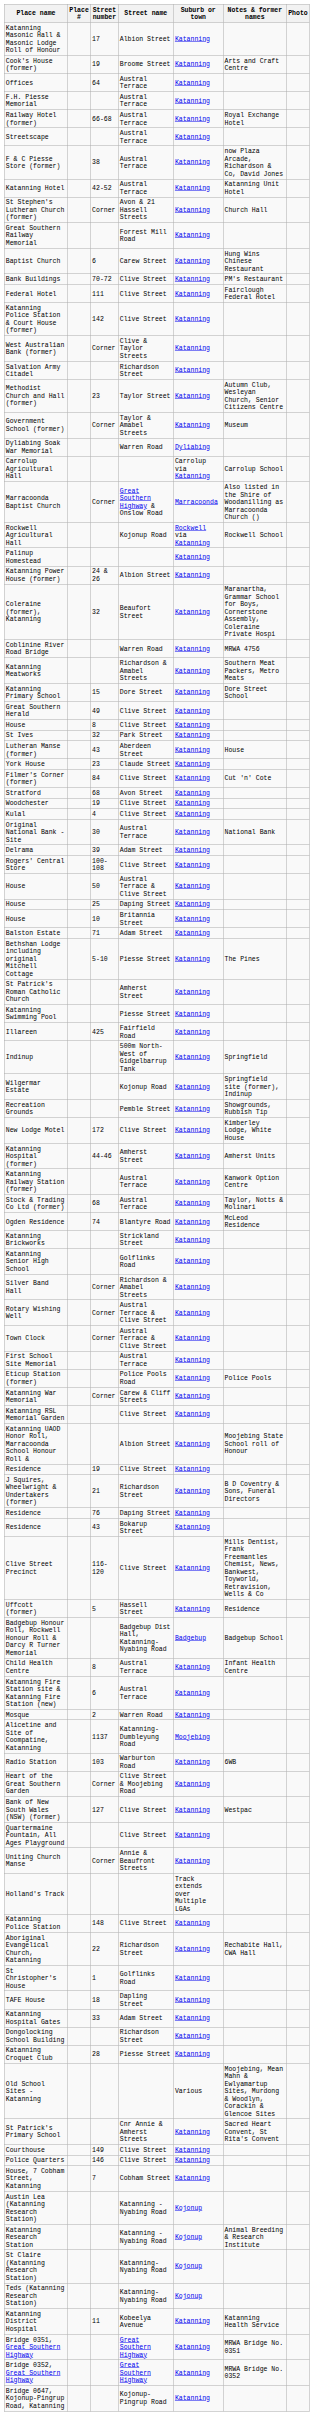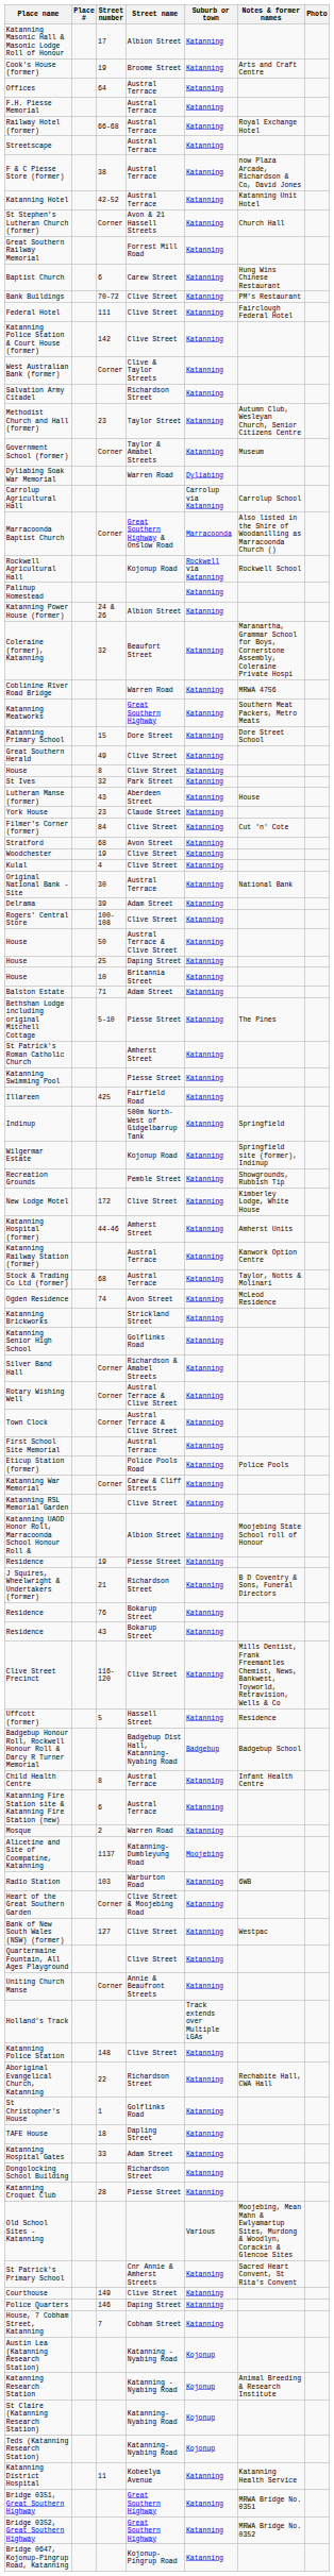 <table class="wikitable sortable">
 <tr>
 <th>Place name</th>
 <th>Place #</th>
 <th>Street number</th>
 <th>Street name</th>
 <th>Suburb or town</th>
 <th class="unsortable">Notes & former names</th>
 <th class="unsortable">Photo</th>
 </tr>
 <tr>
 <td>Katanning Masonic Hall & Masonic Lodge Roll of Honour</td>
 <td></td>
 <td>17</td>
 <td>Albion Street</td>
 <td><a href='#'>Katanning</a></td>
 <td></td>
 <td></td>
 </tr>
 <tr>
 <td>Cook's House (former)</td>
 <td></td>
 <td>19</td>
 <td>Broome Street</td>
 <td><a href='#'>Katanning</a></td>
 <td>Arts and Craft Centre</td>
 <td></td>
 </tr>
 <tr>
 <td>Offices</td>
 <td></td>
 <td>64</td>
 <td>Austral Terrace</td>
 <td><a href='#'>Katanning</a></td>
 <td></td>
 <td></td>
 </tr>
 <tr>
 <td>F.H. Piesse Memorial</td>
 <td></td>
 <td></td>
 <td>Austral Terrace</td>
 <td><a href='#'>Katanning</a></td>
 <td></td>
 <td></td>
 </tr>
 <tr>
 <td>Railway Hotel (former)</td>
 <td></td>
 <td>66-68</td>
 <td>Austral Terrace</td>
 <td><a href='#'>Katanning</a></td>
 <td>Royal Exchange Hotel</td>
 <td></td>
 </tr>
 <tr>
 <td>Streetscape</td>
 <td></td>
 <td></td>
 <td>Austral Terrace</td>
 <td><a href='#'>Katanning</a></td>
 <td></td>
 <td></td>
 </tr>
 <tr>
 <td>F & C Piesse Store (former)</td>
 <td></td>
 <td>38</td>
 <td>Austral Terrace</td>
 <td><a href='#'>Katanning</a></td>
 <td>now Plaza Arcade, Richardson & Co, David Jones</td>
 <td></td>
 </tr>
 <tr>
 <td>Katanning Hotel</td>
 <td></td>
 <td>42-52</td>
 <td>Austral Terrace</td>
 <td><a href='#'>Katanning</a></td>
 <td>Katanning Unit Hotel</td>
 <td></td>
 </tr>
 <tr>
 <td>St Stephen's Lutheran Church (former)</td>
 <td></td>
 <td>Corner</td>
 <td>Avon & 21 Hassell Streets</td>
 <td><a href='#'>Katanning</a></td>
 <td>Church Hall</td>
 <td></td>
 </tr>
 <tr>
 <td>Great Southern Railway Memorial</td>
 <td></td>
 <td></td>
 <td>Forrest Mill Road</td>
 <td><a href='#'>Katanning</a></td>
 <td></td>
 <td></td>
 </tr>
 <tr>
 <td>Baptist Church</td>
 <td></td>
 <td>6</td>
 <td>Carew Street</td>
 <td><a href='#'>Katanning</a></td>
 <td>Hung Wins Chinese Restaurant</td>
 <td></td>
 </tr>
 <tr>
 <td>Bank Buildings</td>
 <td></td>
 <td>70-72</td>
 <td>Clive Street</td>
 <td><a href='#'>Katanning</a></td>
 <td>PM's Restaurant</td>
 <td></td>
 </tr>
 <tr>
 <td>Federal Hotel</td>
 <td></td>
 <td>111</td>
 <td>Clive Street</td>
 <td><a href='#'>Katanning</a></td>
 <td>Fairclough Federal Hotel</td>
 <td></td>
 </tr>
 <tr>
 <td>Katanning Police Station & Court House (former)</td>
 <td></td>
 <td>142</td>
 <td>Clive Street</td>
 <td><a href='#'>Katanning</a></td>
 <td></td>
 <td></td>
 </tr>
 <tr>
 <td>West Australian Bank (former)</td>
 <td></td>
 <td>Corner</td>
 <td>Clive & Taylor Streets</td>
 <td><a href='#'>Katanning</a></td>
 <td></td>
 <td></td>
 </tr>
 <tr>
 <td>Salvation Army Citadel</td>
 <td></td>
 <td></td>
 <td>Richardson Street</td>
 <td><a href='#'>Katanning</a></td>
 <td></td>
 <td></td>
 </tr>
 <tr>
 <td>Methodist Church and Hall (former)</td>
 <td></td>
 <td>23</td>
 <td>Taylor Street</td>
 <td><a href='#'>Katanning</a></td>
 <td>Autumn Club, Wesleyan Church, Senior Citizens Centre</td>
 <td></td>
 </tr>
 <tr>
 <td>Government School (former)</td>
 <td></td>
 <td>Corner</td>
 <td>Taylor & Amabel Streets</td>
 <td><a href='#'>Katanning</a></td>
 <td>Museum</td>
 <td></td>
 </tr>
 <tr>
 <td>Dyliabing Soak War Memorial</td>
 <td></td>
 <td></td>
 <td>Warren Road</td>
 <td><a href='#'>Dyliabing</a></td>
 <td></td>
 <td></td>
 </tr>
 <tr>
 <td>Carrolup Agricultural Hall</td>
 <td></td>
 <td></td>
 <td></td>
 <td>Carrolup via <a href='#'>Katanning</a></td>
 <td>Carrolup School</td>
 <td></td>
 </tr>
 <tr>
 <td>Marracoonda Baptist Church</td>
 <td></td>
 <td>Corner</td>
 <td><a href='#'>Great Southern Highway</a> & Onslow Road</td>
 <td><a href='#'>Marracoonda</a></td>
 <td>Also listed in the Shire of Woodanilling as Marracoonda Church ()</td>
 <td></td>
 </tr>
 <tr>
 <td>Rockwell Agricultural Hall</td>
 <td></td>
 <td></td>
 <td>Kojonup Road</td>
 <td><a href='#'>Rockwell</a> via <a href='#'>Katanning</a></td>
 <td>Rockwell School</td>
 <td></td>
 </tr>
 <tr>
 <td>Palinup Homestead</td>
 <td></td>
 <td></td>
 <td></td>
 <td><a href='#'>Katanning</a></td>
 <td></td>
 <td></td>
 </tr>
 <tr>
 <td>Katanning Power House (former)</td>
 <td></td>
 <td>24 & 26</td>
 <td>Albion Street</td>
 <td><a href='#'>Katanning</a></td>
 <td></td>
 <td></td>
 </tr>
 <tr>
 <td>Coleraine (former), Katanning</td>
 <td></td>
 <td>32</td>
 <td>Beaufort Street</td>
 <td><a href='#'>Katanning</a></td>
 <td>Maranartha, Grammar School for Boys, Cornerstone Assembly, Coleraine Private Hospi</td>
 <td></td>
 </tr>
 <tr>
 <td>Coblinine River Road Bridge</td>
 <td></td>
 <td></td>
 <td>Warren Road</td>
 <td><a href='#'>Katanning</a></td>
 <td>MRWA 4756</td>
 <td></td>
 </tr>
 <tr>
 <td>Katanning Meatworks</td>
 <td></td>
 <td></td>
-<td>Richardson & Amabel Streets</td>
+<td><a href='#'>Great Southern Highway</a></td>
 <td><a href='#'>Katanning</a></td>
 <td>Southern Meat Packers, Metro Meats</td>
 <td></td>
 </tr>
 <tr>
 <td>Katanning Primary School</td>
 <td></td>
 <td>15</td>
 <td>Dore Street</td>
 <td><a href='#'>Katanning</a></td>
 <td>Dore Street School</td>
 <td></td>
 </tr>
 <tr>
 <td>Great Southern Herald</td>
 <td></td>
 <td>49</td>
 <td>Clive Street</td>
 <td><a href='#'>Katanning</a></td>
 <td></td>
 <td></td>
 </tr>
 <tr>
 <td>House</td>
 <td></td>
 <td>8</td>
 <td>Clive Street</td>
 <td><a href='#'>Katanning</a></td>
 <td></td>
 <td></td>
 </tr>
 <tr>
 <td>St Ives</td>
 <td></td>
 <td>32</td>
 <td>Park Street</td>
 <td><a href='#'>Katanning</a></td>
 <td></td>
 <td></td>
 </tr>
 <tr>
 <td>Lutheran Manse (former)</td>
 <td></td>
 <td>43</td>
 <td>Aberdeen Street</td>
 <td><a href='#'>Katanning</a></td>
 <td>House</td>
 <td></td>
 </tr>
 <tr>
 <td>York House</td>
 <td></td>
 <td>23</td>
 <td>Claude Street</td>
 <td><a href='#'>Katanning</a></td>
 <td></td>
 <td></td>
 </tr>
 <tr>
 <td>Filmer's Corner (former)</td>
 <td></td>
 <td>84</td>
 <td>Clive Street</td>
 <td><a href='#'>Katanning</a></td>
 <td>Cut 'n' Cote</td>
 <td></td>
 </tr>
 <tr>
 <td>Stratford</td>
 <td></td>
 <td>68</td>
 <td>Avon Street</td>
 <td><a href='#'>Katanning</a></td>
 <td></td>
 <td></td>
 </tr>
 <tr>
 <td>Woodchester</td>
 <td></td>
 <td>19</td>
 <td>Clive Street</td>
 <td><a href='#'>Katanning</a></td>
 <td></td>
 <td></td>
 </tr>
 <tr>
 <td>Kulal</td>
 <td></td>
 <td>4</td>
 <td>Clive Street</td>
 <td><a href='#'>Katanning</a></td>
 <td></td>
 <td></td>
 </tr>
 <tr>
 <td>Original National Bank - Site</td>
 <td></td>
 <td>30</td>
 <td>Austral Terrace</td>
 <td><a href='#'>Katanning</a></td>
 <td>National Bank</td>
 <td></td>
 </tr>
 <tr>
 <td>Delrama</td>
 <td></td>
 <td>39</td>
 <td>Adam Street</td>
 <td><a href='#'>Katanning</a></td>
 <td></td>
 <td></td>
 </tr>
 <tr>
 <td>Rogers' Central Store</td>
 <td></td>
 <td>100-108</td>
 <td>Clive Street</td>
 <td><a href='#'>Katanning</a></td>
 <td></td>
 <td></td>
 </tr>
 <tr>
 <td>House</td>
 <td></td>
 <td>50</td>
 <td>Austral Terrace & Clive Street</td>
 <td><a href='#'>Katanning</a></td>
 <td></td>
 <td></td>
 </tr>
 <tr>
 <td>House</td>
 <td></td>
 <td>25</td>
 <td>Daping Street</td>
 <td><a href='#'>Katanning</a></td>
 <td></td>
 <td></td>
 </tr>
 <tr>
 <td>House</td>
 <td></td>
 <td>10</td>
 <td>Britannia Street</td>
 <td><a href='#'>Katanning</a></td>
 <td></td>
 <td></td>
 </tr>
 <tr>
 <td>Balston Estate</td>
 <td></td>
 <td>71</td>
 <td>Adam Street</td>
 <td><a href='#'>Katanning</a></td>
 <td></td>
 <td></td>
 </tr>
 <tr>
 <td>Bethshan Lodge including original Mitchell Cottage</td>
 <td></td>
 <td>5-10</td>
 <td>Piesse Street</td>
 <td><a href='#'>Katanning</a></td>
 <td>The Pines</td>
 <td></td>
 </tr>
 <tr>
 <td>St Patrick's Roman Catholic Church</td>
 <td></td>
 <td></td>
 <td>Amherst Street</td>
 <td><a href='#'>Katanning</a></td>
 <td></td>
 <td></td>
 </tr>
 <tr>
 <td>Katanning Swimming Pool</td>
 <td></td>
 <td></td>
 <td>Piesse Street</td>
 <td><a href='#'>Katanning</a></td>
 <td></td>
 <td></td>
 </tr>
 <tr>
 <td>Illareen</td>
 <td></td>
 <td>425</td>
 <td>Fairfield Road</td>
 <td><a href='#'>Katanning</a></td>
 <td></td>
 <td></td>
 </tr>
 <tr>
 <td>Indinup</td>
 <td></td>
 <td></td>
 <td>500m North-West of Gidgelbarrup Tank</td>
 <td><a href='#'>Katanning</a></td>
 <td>Springfield</td>
 <td></td>
 </tr>
 <tr>
 <td>Wilgermar Estate</td>
 <td></td>
 <td></td>
 <td>Kojonup Road</td>
 <td><a href='#'>Katanning</a></td>
 <td>Springfield site (former), Indinup</td>
 <td></td>
 </tr>
 <tr>
 <td>Recreation Grounds</td>
 <td></td>
 <td></td>
 <td>Pemble Street</td>
 <td><a href='#'>Katanning</a></td>
 <td>Showgrounds, Rubbish Tip</td>
 <td></td>
 </tr>
 <tr>
 <td>New Lodge Motel</td>
 <td></td>
 <td>172</td>
 <td>Clive Street</td>
 <td><a href='#'>Katanning</a></td>
 <td>Kimberley Lodge, White House</td>
 <td></td>
 </tr>
 <tr>
 <td>Katanning Hospital (former)</td>
 <td></td>
 <td>44-46</td>
 <td>Amherst Street</td>
 <td><a href='#'>Katanning</a></td>
 <td>Amherst Units</td>
 <td></td>
 </tr>
 <tr>
 <td>Katanning Railway Station (former)</td>
 <td></td>
 <td></td>
 <td>Austral Terrace</td>
 <td><a href='#'>Katanning</a></td>
 <td>Kanwork Option Centre</td>
 <td></td>
 </tr>
 <tr>
 <td>Stock & Trading Co Ltd (former)</td>
 <td></td>
 <td>68</td>
 <td>Austral Terrace</td>
 <td><a href='#'>Katanning</a></td>
 <td>Taylor, Notts & Molinari</td>
 <td></td>
 </tr>
 <tr>
 <td>Ogden Residence</td>
 <td></td>
 <td>74</td>
-<td>Blantyre Road</td>
+<td>Avon Street</td>
 <td><a href='#'>Katanning</a></td>
 <td>McLeod Residence</td>
 <td></td>
 </tr>
 <tr>
 <td>Katanning Brickworks</td>
 <td></td>
 <td></td>
 <td>Strickland Street</td>
 <td><a href='#'>Katanning</a></td>
 <td></td>
 <td></td>
 </tr>
 <tr>
 <td>Katanning Senior High School</td>
 <td></td>
 <td></td>
 <td>Golflinks Road</td>
 <td><a href='#'>Katanning</a></td>
 <td></td>
 <td></td>
 </tr>
 <tr>
 <td>Silver Band Hall</td>
 <td></td>
 <td>Corner</td>
 <td>Richardson & Amabel Streets</td>
 <td><a href='#'>Katanning</a></td>
 <td></td>
 <td></td>
 </tr>
 <tr>
 <td>Rotary Wishing Well</td>
 <td></td>
 <td>Corner</td>
 <td>Austral Terrace & Clive Street</td>
 <td><a href='#'>Katanning</a></td>
 <td></td>
 <td></td>
 </tr>
 <tr>
 <td>Town Clock</td>
 <td></td>
 <td>Corner</td>
 <td>Austral Terrace & Clive Street</td>
 <td><a href='#'>Katanning</a></td>
 <td></td>
 <td></td>
 </tr>
 <tr>
 <td>First School Site Memorial</td>
 <td></td>
 <td></td>
 <td>Austral Terrace</td>
 <td><a href='#'>Katanning</a></td>
 <td></td>
 <td></td>
 </tr>
 <tr>
 <td>Eticup Station (former)</td>
 <td></td>
 <td></td>
 <td>Police Pools Road</td>
 <td><a href='#'>Katanning</a></td>
 <td>Police Pools</td>
 <td></td>
 </tr>
 <tr>
 <td>Katanning War Memorial</td>
 <td></td>
 <td>Corner</td>
 <td>Carew & Cliff Streets</td>
 <td><a href='#'>Katanning</a></td>
 <td></td>
 <td></td>
 </tr>
 <tr>
 <td>Katanning RSL Memorial Garden</td>
 <td></td>
 <td></td>
 <td>Clive Street</td>
 <td><a href='#'>Katanning</a></td>
 <td></td>
 <td></td>
 </tr>
 <tr>
 <td>Katanning UAOD Honor Roll, Marracoonda School Honour Roll &</td>
 <td></td>
 <td></td>
 <td>Albion Street</td>
 <td><a href='#'>Katanning</a></td>
 <td>Moojebing State School roll of Honour</td>
 <td></td>
 </tr>
 <tr>
 <td>Residence</td>
 <td></td>
 <td>19</td>
-<td>Clive Street</td>
+<td>Piesse Street</td>
 <td><a href='#'>Katanning</a></td>
 <td></td>
 <td></td>
 </tr>
 <tr>
 <td>J Squires, Wheelwright & Undertakers (former)</td>
 <td></td>
 <td>21</td>
 <td>Richardson Street</td>
 <td><a href='#'>Katanning</a></td>
 <td>B D Coventry & Sons, Funeral Directors</td>
 <td></td>
 </tr>
 <tr>
 <td>Residence</td>
 <td></td>
 <td>76</td>
-<td>Daping Street</td>
+<td>Bokarup Street</td>
 <td><a href='#'>Katanning</a></td>
 <td></td>
 <td></td>
 </tr>
 <tr>
 <td>Residence</td>
 <td></td>
 <td>43</td>
 <td>Bokarup Street</td>
 <td><a href='#'>Katanning</a></td>
 <td></td>
 <td></td>
 </tr>
 <tr>
 <td>Clive Street Precinct</td>
 <td></td>
 <td>116-120</td>
 <td>Clive Street</td>
 <td><a href='#'>Katanning</a></td>
 <td>Mills Dentist, Frank Freemantles Chemist, News, Bankwest, Toyworld, Retravision, Wells & Co</td>
 <td></td>
 </tr>
 <tr>
 <td>Uffcott (former)</td>
 <td></td>
 <td>5</td>
 <td>Hassell Street</td>
 <td><a href='#'>Katanning</a></td>
 <td>Residence</td>
 <td></td>
 </tr>
 <tr>
 <td>Badgebup Honour Roll, Rockwell Honour Roll & Darcy R Turner Memorial</td>
 <td></td>
 <td></td>
 <td>Badgebup Dist Hall, Katanning-Nyabing Road</td>
 <td><a href='#'>Badgebup</a></td>
 <td>Badgebup School</td>
 <td></td>
 </tr>
 <tr>
 <td>Child Health Centre</td>
 <td></td>
 <td>8</td>
 <td>Austral Terrace</td>
 <td><a href='#'>Katanning</a></td>
 <td>Infant Health Centre</td>
 <td></td>
 </tr>
 <tr>
 <td>Katanning Fire Station site & Katanning Fire Station (new)</td>
 <td></td>
 <td>6</td>
 <td>Austral Terrace</td>
 <td><a href='#'>Katanning</a></td>
 <td></td>
 <td></td>
 </tr>
 <tr>
 <td>Mosque</td>
 <td></td>
 <td>2</td>
 <td>Warren Road</td>
 <td><a href='#'>Katanning</a></td>
 <td></td>
 <td></td>
 </tr>
 <tr>
 <td>Alicetine and Site of Coompatine, Katanning</td>
 <td></td>
 <td>1137</td>
 <td>Katanning-Dumbleyung Road</td>
 <td><a href='#'>Moojebing</a></td>
 <td></td>
 <td></td>
 </tr>
 <tr>
 <td>Radio Station</td>
 <td></td>
 <td>103</td>
 <td>Warburton Road</td>
 <td><a href='#'>Katanning</a></td>
 <td>6WB</td>
 <td></td>
 </tr>
 <tr>
 <td>Heart of the Great Southern Garden</td>
 <td></td>
 <td>Corner</td>
 <td>Clive Street & Moojebing Road</td>
 <td><a href='#'>Katanning</a></td>
 <td></td>
 <td></td>
 </tr>
 <tr>
 <td>Bank of New South Wales (NSW) (former)</td>
 <td></td>
 <td>127</td>
 <td>Clive Street</td>
 <td><a href='#'>Katanning</a></td>
 <td>Westpac</td>
 <td></td>
 </tr>
 <tr>
 <td>Quartermaine Fountain, All Ages Playground</td>
 <td></td>
 <td></td>
 <td>Clive Street</td>
 <td><a href='#'>Katanning</a></td>
 <td></td>
 <td></td>
 </tr>
 <tr>
 <td>Uniting Church Manse</td>
 <td></td>
 <td>Corner</td>
 <td>Annie & Beaufront Streets</td>
 <td><a href='#'>Katanning</a></td>
 <td></td>
 <td></td>
 </tr>
 <tr>
 <td>Holland's Track</td>
 <td></td>
 <td></td>
 <td></td>
 <td>Track extends over Multiple LGAs</td>
 <td></td>
 <td></td>
 </tr>
 <tr>
 <td>Katanning Police Station</td>
 <td></td>
 <td>148</td>
 <td>Clive Street</td>
 <td><a href='#'>Katanning</a></td>
 <td></td>
 <td></td>
 </tr>
 <tr>
 <td>Aboriginal Evangelical Church, Katanning</td>
 <td></td>
 <td>22</td>
 <td>Richardson Street</td>
 <td><a href='#'>Katanning</a></td>
 <td>Rechabite Hall, CWA Hall</td>
 <td></td>
 </tr>
 <tr>
 <td>St Christopher's House</td>
 <td></td>
 <td>1</td>
 <td>Golflinks Road</td>
 <td><a href='#'>Katanning</a></td>
 <td></td>
 <td></td>
 </tr>
 <tr>
 <td>TAFE House</td>
 <td></td>
 <td>18</td>
 <td>Dapling Street</td>
 <td><a href='#'>Katanning</a></td>
 <td></td>
 <td></td>
 </tr>
 <tr>
 <td>Katanning Hospital Gates</td>
 <td></td>
 <td>33</td>
 <td>Adam Street</td>
 <td><a href='#'>Katanning</a></td>
 <td></td>
 <td></td>
 </tr>
 <tr>
 <td>Dongolocking School Building</td>
 <td></td>
 <td></td>
 <td>Richardson Street</td>
 <td><a href='#'>Katanning</a></td>
 <td></td>
 <td></td>
 </tr>
 <tr>
 <td>Katanning Croquet Club</td>
 <td></td>
 <td>28</td>
 <td>Piesse Street</td>
 <td><a href='#'>Katanning</a></td>
 <td></td>
 <td></td>
 </tr>
 <tr>
 <td>Old School Sites - Katanning</td>
 <td></td>
 <td></td>
 <td></td>
 <td>Various</td>
 <td>Moojebing, Mean Mahn & Ewlyamartup Sites, Murdong & Woodlyn, Corackin & Glencoe Sites</td>
 <td></td>
 </tr>
 <tr>
 <td>St Patrick's Primary School</td>
 <td></td>
 <td></td>
 <td>Cnr Annie & Amherst Streets</td>
 <td><a href='#'>Katanning</a></td>
 <td>Sacred Heart Convent, St Rita's Convent</td>
 <td></td>
 </tr>
 <tr>
 <td>Courthouse</td>
 <td></td>
 <td>149</td>
 <td>Clive Street</td>
 <td><a href='#'>Katanning</a></td>
 <td></td>
 <td></td>
 </tr>
 <tr>
 <td>Police Quarters</td>
 <td></td>
 <td>146</td>
-<td>Clive Street</td>
+<td>Daping Street</td>
 <td><a href='#'>Katanning</a></td>
 <td></td>
 <td></td>
 </tr>
 <tr>
 <td>House, 7 Cobham Street, Katanning</td>
 <td></td>
 <td>7</td>
 <td>Cobham Street</td>
 <td><a href='#'>Katanning</a></td>
 <td></td>
 <td></td>
 </tr>
 <tr>
 <td>Austin Lea (Katanning Research Station)</td>
 <td></td>
 <td></td>
 <td>Katanning - Nyabing Road</td>
 <td><a href='#'>Kojonup</a></td>
 <td></td>
 <td></td>
 </tr>
 <tr>
 <td>Katanning Research Station</td>
 <td></td>
 <td></td>
 <td>Katanning - Nyabing Road</td>
 <td><a href='#'>Kojonup</a></td>
 <td>Animal Breeding & Research Institute</td>
 <td></td>
 </tr>
 <tr>
 <td>St Claire (Katanning Research Station)</td>
 <td></td>
 <td></td>
 <td>Katanning-Nyabing Road</td>
 <td><a href='#'>Kojonup</a></td>
 <td></td>
 <td></td>
 </tr>
 <tr>
 <td>Teds (Katanning Research Station)</td>
 <td></td>
 <td></td>
 <td>Katanning-Nyabing Road</td>
 <td><a href='#'>Kojonup</a></td>
 <td></td>
 <td></td>
 </tr>
 <tr>
 <td>Katanning District Hospital</td>
 <td></td>
 <td>11</td>
 <td>Kobeelya Avenue</td>
 <td><a href='#'>Katanning</a></td>
 <td>Katanning Health Service</td>
 <td></td>
 </tr>
 <tr>
 <td>Bridge 0351, <a href='#'>Great Southern Highway</a></td>
 <td></td>
 <td></td>
 <td><a href='#'>Great Southern Highway</a></td>
 <td><a href='#'>Katanning</a></td>
 <td>MRWA Bridge No. 0351</td>
 <td></td>
 </tr>
 <tr>
 <td>Bridge 0352, <a href='#'>Great Southern Highway</a></td>
 <td></td>
 <td></td>
 <td><a href='#'>Great Southern Highway</a></td>
 <td><a href='#'>Katanning</a></td>
 <td>MRWA Bridge No. 0352</td>
 <td></td>
 </tr>
 <tr>
 <td>Bridge 0647, Kojonup-Pingrup Road, Katanning</td>
 <td></td>
 <td></td>
 <td>Kojonup-Pingrup Road</td>
 <td><a href='#'>Katanning</a></td>
 <td></td>
 <td></td>
 </tr>
 </table>
